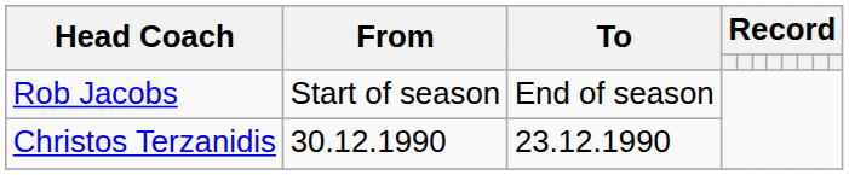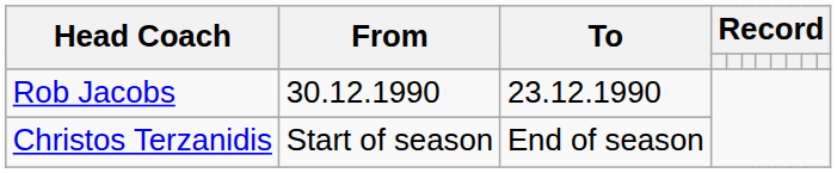 <table class="wikitable" style="text-align: ">
 <tr>
 <th rowspan=2>Head Coach</th>
 <th rowspan=2>From</th>
 <th rowspan=2>To</th>
 <th colspan=8>Record</th>
 </tr>
 <tr>
 <th></th>
 <th></th>
 <th></th>
 <th></th>
 <th></th>
 <th></th>
 <th></th>
 <th></th>
 </tr>
 <tr>
 <td> <a href='#'>Rob Jacobs</a></td>
+<td>30.12.1990</td>
+<td>23.12.1990<br></td>
+</tr>
+<tr>
+<td> <a href='#'>Christos Terzanidis</a></td>
 <td>Start of season</td>
 <td>End of season<br></td>
 </tr>
-<tr>
-<td> <a href='#'>Christos Terzanidis</a></td>
-<td>30.12.1990</td>
-<td>23.12.1990<br></td>
-</tr>
 </table>
